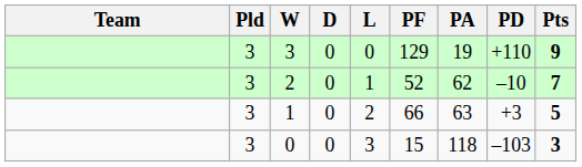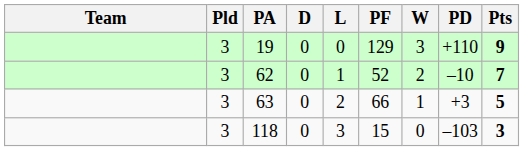 <table class="wikitable" style="text-align:center;">
 <tr>
 <th width=175>Team</th>
 <th width=25 abbr="Played">Pld</th>
-<th width=25 abbr="Won">W</th>
+<th width=32 abbr="Points against">PA</th>
 <th width=25 abbr="Drawn">D</th>
 <th width=25 abbr="Lost">L</th>
 <th width=32 abbr="Points for">PF</th>
-<th width=32 abbr="Points against">PA</th>
+<th width=25 abbr="Won">W</th>
 <th width=32 abbr="Points difference">PD</th>
 <th width=25 abbr="Points">Pts</th>
 </tr>
 <tr bgcolor=ccffcc>
 <td align=left></td>
 <td>3</td>
-<td>3</td>
+<td>19</td>
 <td>0</td>
 <td>0</td>
 <td>129</td>
-<td>19</td>
+<td>3</td>
 <td>+110</td>
 <td><strong>9</strong></td>
 </tr>
 <tr bgcolor=ccffcc>
 <td align=left></td>
 <td>3</td>
-<td>2</td>
+<td>62</td>
 <td>0</td>
 <td>1</td>
 <td>52</td>
-<td>62</td>
+<td>2</td>
 <td>–10</td>
 <td><strong>7</strong></td>
 </tr>
 <tr>
 <td align=left></td>
 <td>3</td>
-<td>1</td>
+<td>63</td>
 <td>0</td>
 <td>2</td>
 <td>66</td>
-<td>63</td>
+<td>1</td>
 <td>+3</td>
 <td><strong>5</strong></td>
 </tr>
 <tr>
 <td align=left></td>
 <td>3</td>
-<td>0</td>
+<td>118</td>
 <td>0</td>
 <td>3</td>
 <td>15</td>
-<td>118</td>
+<td>0</td>
 <td>–103</td>
 <td><strong>3</strong></td>
 </tr>
 </table>
